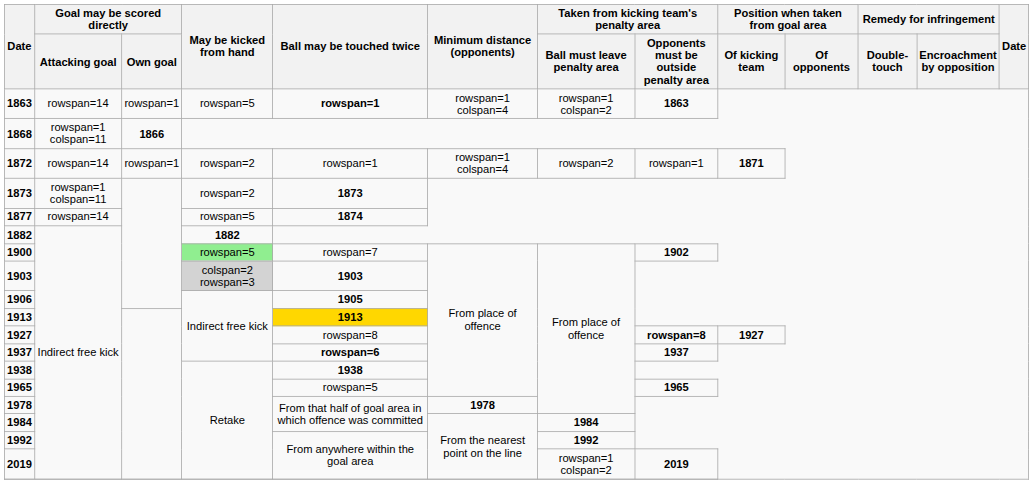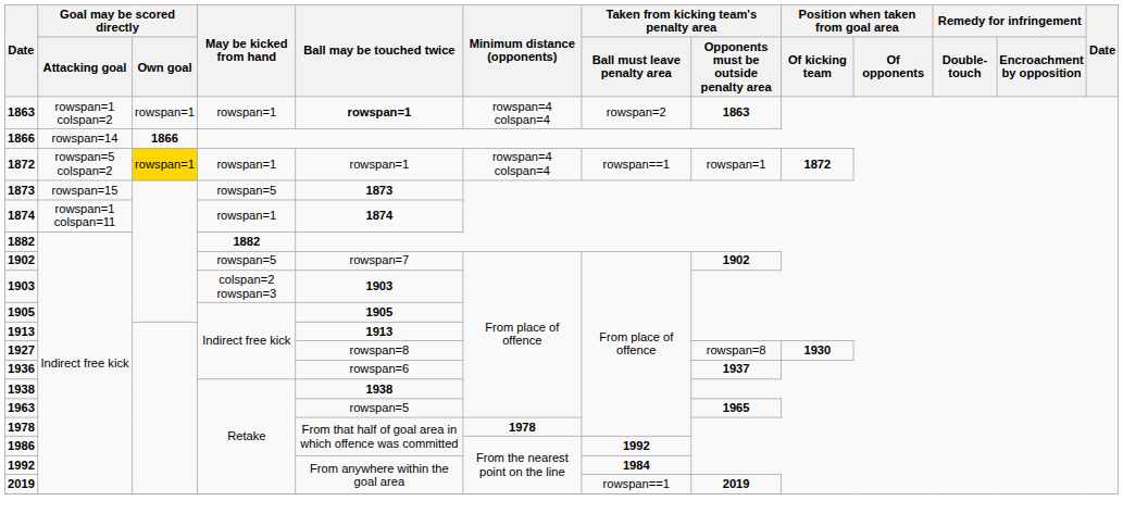 <table class="wikitable sortable" style="text-align: center; font-size: 85%; width: auto; table-layout: fixed;">
 <tr>
 <th rowspan=2>Date</th>
 <th colspan=2>Goal may be scored directly</th>
 <th rowspan=2>May be kicked from hand</th>
 <th rowspan=2>Ball may be touched twice</th>
 <th rowspan=2>Minimum distance (opponents)</th>
 <th colspan=2>Taken from kicking team's penalty area</th>
 <th colspan=2>Position when taken from goal area</th>
 <th colspan=2>Remedy for infringement</th>
 <th rowspan=2>Date</th>
 </tr>
 <tr>
 <th>Attacking goal</th>
 <th>Own goal</th>
 <th>Ball must leave penalty area</th>
 <th>Opponents must be<br>outside penalty area</th>
 <th>Of kicking team</th>
 <th>Of opponents</th>
 <th>Double-touch</th>
 <th>Encroachment<br>by opposition</th>
 </tr>
 <tr>
 <td><strong>1863</strong></td>
-<td>rowspan=14  </td>
+<td>rowspan=1 colspan=2  </td>
 <td>rowspan=1  </td>
-<td>rowspan=5  </td>
+<td>rowspan=1  </td>
 <td><strong>rowspan=1  </strong></td>
-<td>rowspan=1 colspan=4  </td>
-<td>rowspan=1 colspan=2  </td>
+<td>rowspan=4 colspan=4  </td>
+<td>rowspan=2  </td>
 <td><strong>1863</strong></td>
 </tr>
 <tr>
-<td><strong>1868</strong></td>
-<td>rowspan=1 colspan=11 </td>
+<td><strong>1866</strong></td>
+<td>rowspan=14  </td>
 <td><strong>1866</strong></td>
 </tr>
 <tr>
 <td><strong>1872</strong></td>
-<td>rowspan=14  </td>
+<td>rowspan=5 colspan=2  </td>
+<td style="background: gold;">rowspan=1  </td>
 <td>rowspan=1  </td>
-<td>rowspan=2  </td>
 <td>rowspan=1   </td>
-<td>rowspan=1 colspan=4  </td>
-<td>rowspan=2  </td>
+<td>rowspan=4 colspan=4  </td>
+<td>rowspan==1  </td>
 <td>rowspan=1  </td>
-<td><strong>1871</strong></td>
+<td><strong>1872</strong></td>
 </tr>
 <tr>
 <td><strong>1873</strong></td>
-<td>rowspan=1 colspan=11 </td>
+<td>rowspan=15  </td>
 <td rowspan=6> </td>
-<td>rowspan=2  </td>
+<td>rowspan=5  </td>
 <td><strong>1873</strong></td>
 </tr>
 <tr>
-<td><strong>1877</strong></td>
-<td>rowspan=14  </td>
-<td>rowspan=5  </td>
+<td><strong>1874</strong></td>
+<td>rowspan=1 colspan=11 </td>
+<td>rowspan=1  </td>
 <td><strong>1874</strong></td>
 </tr>
 <tr>
 <td><strong>1882</strong></td>
 <td rowspan=13>Indirect free kick </td>
 <td><strong>1882</strong></td>
 </tr>
 <tr>
-<td><strong>1900</strong></td>
-<td style="background: lightgreen;">rowspan=5  </td>
+<td><strong>1902</strong></td>
+<td>rowspan=5  </td>
 <td>rowspan=7  </td>
 <td rowspan=8>From place of offence </td>
 <td rowspan=9>From place of offence </td>
 <td><strong>1902</strong></td>
 </tr>
 <tr>
 <td><strong>1903</strong></td>
-<td style="background: lightgrey;">colspan=2 rowspan=3  </td>
+<td>colspan=2 rowspan=3  </td>
 <td><strong>1903</strong></td>
 </tr>
 <tr>
-<td><strong>1906</strong></td>
+<td><strong>1905</strong></td>
 <td rowspan=4>Indirect free kick </td>
 <td><strong>1905</strong></td>
 </tr>
 <tr>
 <td><strong>1913</strong></td>
 <td rowspan=9> </td>
-<td style="background: gold;"><strong>1913</strong></td>
+<td><strong>1913</strong></td>
 </tr>
 <tr>
 <td><strong>1927</strong></td>
 <td>rowspan=8  </td>
-<td><strong>rowspan=8  </strong></td>
-<td><strong>1927</strong></td>
+<td>rowspan=8  </td>
+<td><strong>1930</strong></td>
 </tr>
 <tr>
-<td><strong>1937</strong></td>
-<td><strong>rowspan=6  </strong></td>
+<td><strong>1936</strong></td>
+<td>rowspan=6  </td>
 <td><strong>1937</strong></td>
 </tr>
 <tr>
 <td><strong>1938</strong></td>
 <td rowspan=6>Retake </td>
 <td><strong>1938</strong></td>
 </tr>
 <tr>
-<td><strong>1965</strong></td>
+<td><strong>1963</strong></td>
 <td>rowspan=5  </td>
 <td><strong>1965</strong></td>
 </tr>
 <tr>
 <td><strong>1978</strong></td>
 <td rowspan=2>From that half of goal area in which offence was committed</td>
 <td><strong>1978</strong></td>
 </tr>
 <tr>
-<td><strong>1984</strong></td>
+<td><strong>1986</strong></td>
 <td rowspan=3>From the nearest point on the  line </td>
-<td><strong>1984</strong></td>
+<td><strong>1992</strong></td>
 </tr>
 <tr>
 <td><strong>1992</strong></td>
 <td rowspan=2>From anywhere within the goal area</td>
-<td><strong>1992</strong></td>
+<td><strong>1984</strong></td>
 </tr>
 <tr>
 <td><strong>2019</strong></td>
-<td>rowspan=1 colspan=2  </td>
+<td>rowspan==1  </td>
 <td><strong>2019</strong></td>
 </tr>
 <tr>
 </tr>
 </table>
